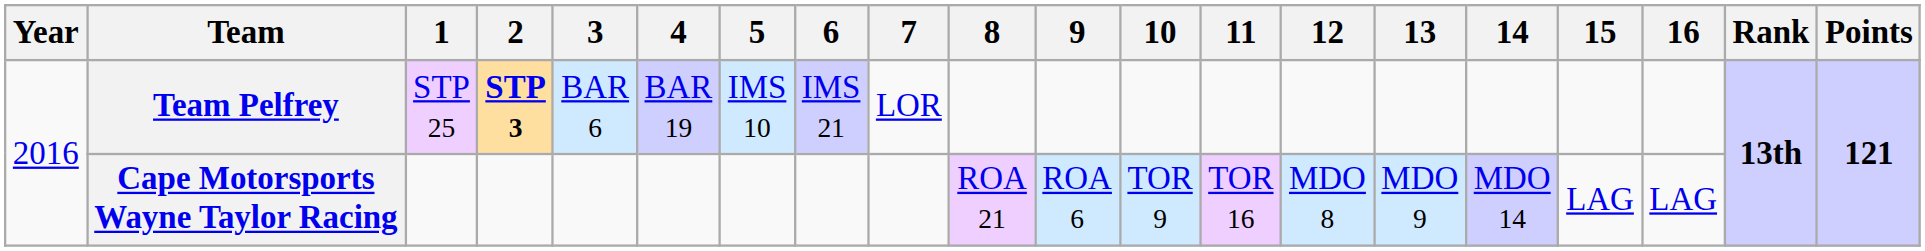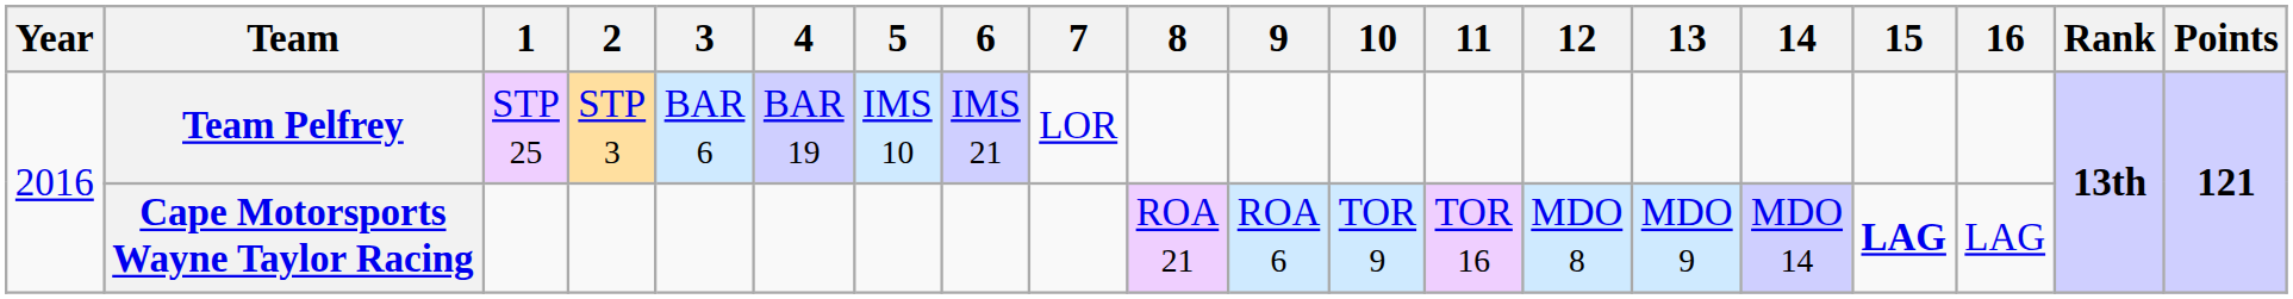 <table class="wikitable" style="text-align:center; font-size:90%">
 <tr>
 <th>Year</th>
 <th>Team</th>
 <th>1</th>
 <th>2</th>
 <th>3</th>
 <th>4</th>
 <th>5</th>
 <th>6</th>
 <th>7</th>
 <th>8</th>
 <th>9</th>
 <th>10</th>
 <th>11</th>
 <th>12</th>
 <th>13</th>
 <th>14</th>
 <th>15</th>
 <th>16</th>
 <th>Rank</th>
 <th>Points</th>
 </tr>
 <tr>
 <td rowspan=2><a href='#'>2016</a></td>
 <th><a href='#'>Team Pelfrey</a></th>
 <td style="background:#EFCFFF;"><a href='#'>STP</a><br><small>25</small></td>
-<td style="background:#FFDF9F;"><strong><a href='#'>STP</a><br><small>3</small></strong></td>
+<td style="background:#FFDF9F;"><a href='#'>STP</a><br><small>3</small></td>
 <td style="background:#CFEAFF;"><a href='#'>BAR</a><br><small>6</small></td>
 <td style="background:#CFCFFF;"><a href='#'>BAR</a><br><small>19</small></td>
 <td style="background:#CFEAFF;"><a href='#'>IMS</a><br><small>10</small></td>
 <td style="background:#CFCFFF;"><a href='#'>IMS</a><br><small>21</small></td>
 <td style="background:"><a href='#'>LOR</a><br><small> </small></td>
 <td></td>
 <td></td>
 <td></td>
 <td></td>
 <td></td>
 <td></td>
 <td></td>
 <td></td>
 <td></td>
 <td rowspan=2 style="background:#CFCFFF;"><strong>13th</strong></td>
 <td rowspan=2 style="background:#CFCFFF;"><strong>121</strong></td>
 </tr>
 <tr>
 <th><a href='#'>Cape Motorsports</a> <br> <a href='#'>Wayne Taylor Racing</a></th>
 <td></td>
 <td></td>
 <td></td>
 <td></td>
 <td></td>
 <td></td>
 <td></td>
 <td style="background:#EFCFFF;"><a href='#'>ROA</a><br><small>21</small></td>
 <td style="background:#CFEAFF;"><a href='#'>ROA</a><br><small>6</small></td>
 <td style="background:#CFEAFF;"><a href='#'>TOR</a><br><small>9</small></td>
 <td style="background:#EFCFFF;"><a href='#'>TOR</a><br><small>16</small></td>
 <td style="background:#CFEAFF;"><a href='#'>MDO</a><br><small>8</small></td>
 <td style="background:#CFEAFF;"><a href='#'>MDO</a><br><small>9</small></td>
 <td style="background:#CFCFFF;"><a href='#'>MDO</a><br><small>14</small></td>
-<td style="background:"><a href='#'>LAG</a><br><small> </small></td>
+<td style="background:"><strong><a href='#'>LAG</a><br><small> </small></strong></td>
 <td style="background:"><a href='#'>LAG</a><br><small> </small></td>
 </tr>
 </table>
